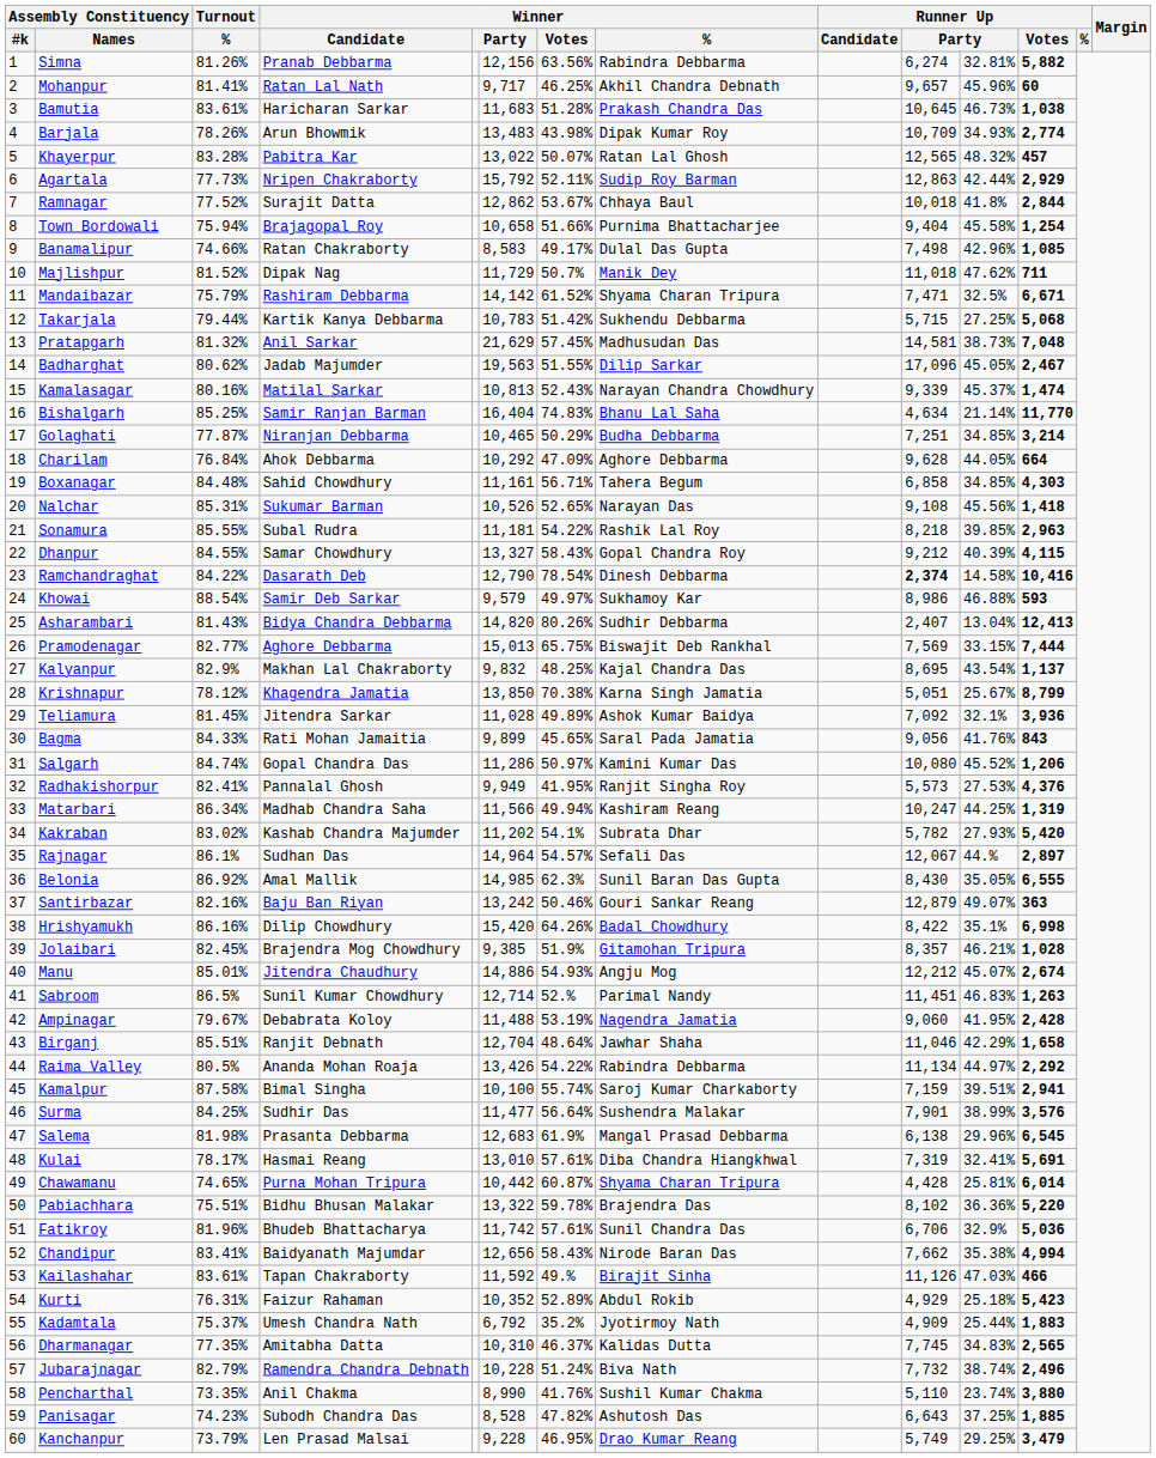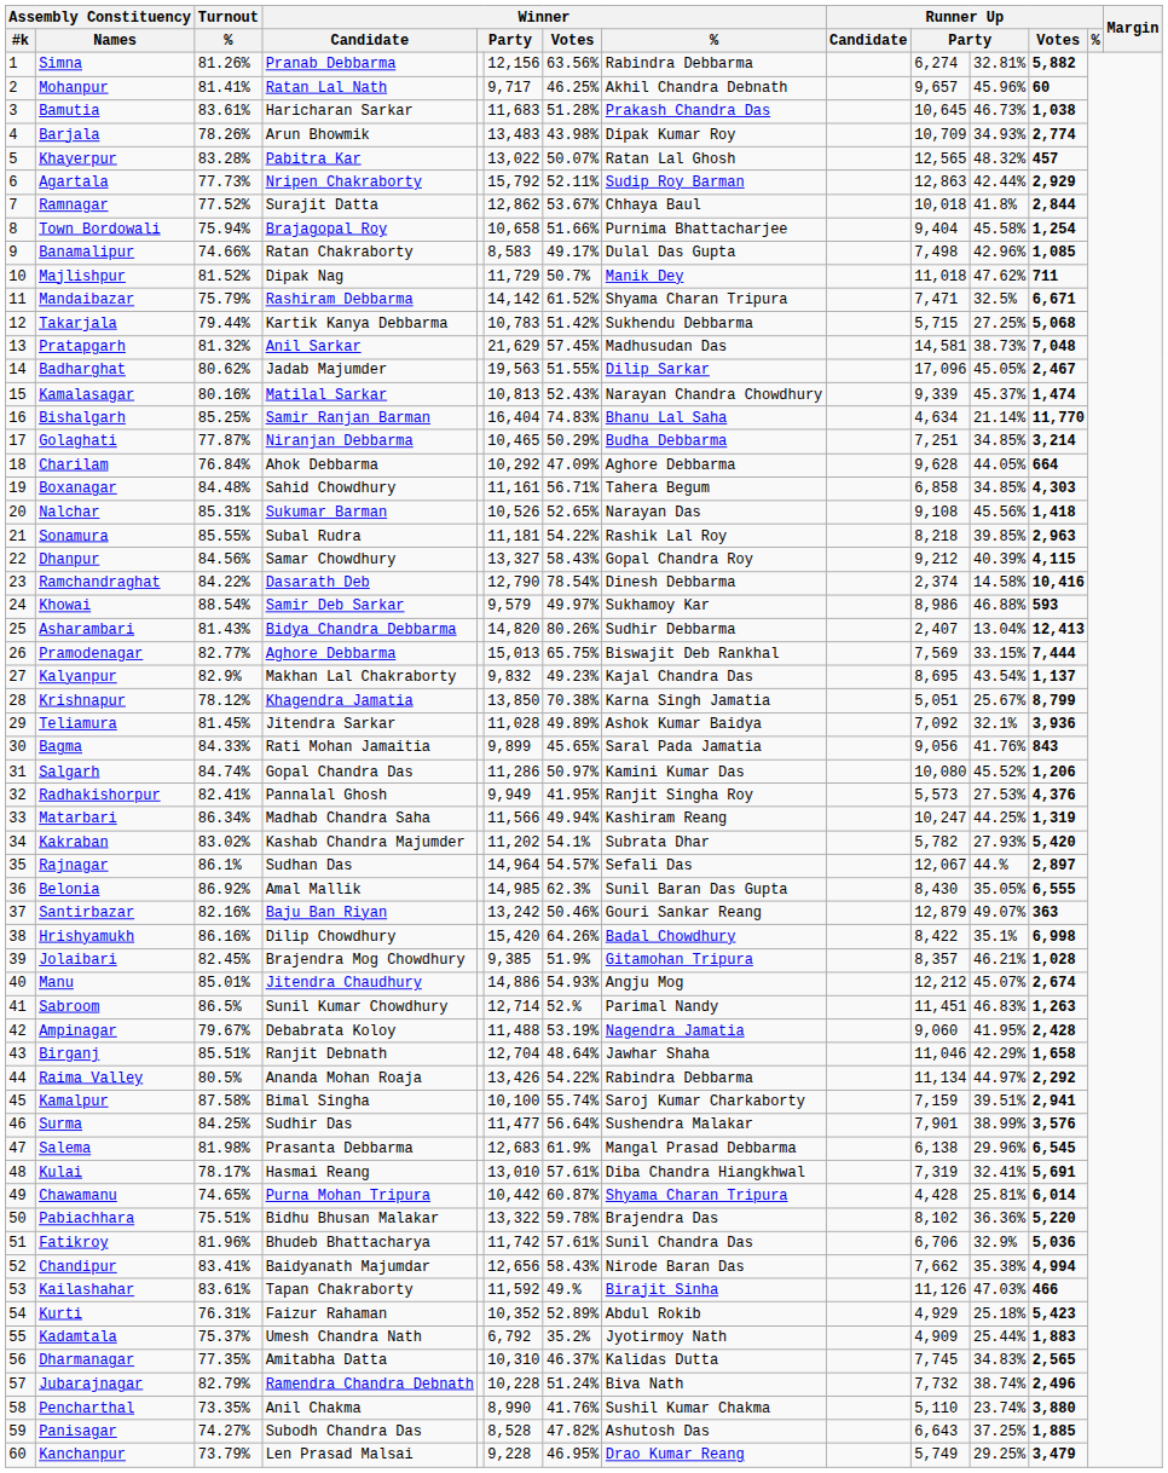 <table class="wikitable sortable">
 <tr>
 <th colspan="2">Assembly Constituency</th>
 <th>Turnout</th>
 <th colspan="5">Winner</th>
 <th colspan="5">Runner Up</th>
 <th rowspan="2" data-sort-type=number>Margin</th>
 </tr>
 <tr>
 <th>#k</th>
 <th>Names</th>
 <th>%</th>
 <th>Candidate</th>
 <th colspan="2">Party</th>
 <th data-sort-type=number>Votes</th>
 <th>%</th>
 <th>Candidate</th>
 <th colspan="2">Party</th>
 <th data-sort-type=number>Votes</th>
 <th>%</th>
 </tr>
 <tr>
 <td>1</td>
 <td><a href='#'>Simna</a></td>
 <td>81.26%</td>
 <td><a href='#'>Pranab Debbarma</a></td>
 <td></td>
 <td>12,156</td>
 <td>63.56%</td>
 <td>Rabindra Debbarma</td>
 <td></td>
 <td>6,274</td>
 <td>32.81%</td>
 <td style="background:"><span><strong>5,882</strong></span></td>
 </tr>
 <tr>
 <td>2</td>
 <td><a href='#'>Mohanpur</a></td>
 <td>81.41%</td>
 <td><a href='#'>Ratan Lal Nath</a></td>
 <td></td>
 <td>9,717</td>
 <td>46.25%</td>
 <td>Akhil Chandra Debnath</td>
 <td></td>
 <td>9,657</td>
 <td>45.96%</td>
 <td style="background:"><span><strong>60</strong></span></td>
 </tr>
 <tr>
 <td>3</td>
 <td><a href='#'>Bamutia</a></td>
 <td>83.61%</td>
 <td>Haricharan Sarkar</td>
 <td></td>
 <td>11,683</td>
 <td>51.28%</td>
 <td><a href='#'>Prakash Chandra Das</a></td>
 <td></td>
 <td>10,645</td>
 <td>46.73%</td>
 <td style="background:"><span><strong>1,038</strong></span></td>
 </tr>
 <tr>
 <td>4</td>
 <td><a href='#'>Barjala</a></td>
 <td>78.26%</td>
 <td>Arun Bhowmik</td>
 <td></td>
 <td>13,483</td>
 <td>43.98%</td>
 <td>Dipak Kumar Roy</td>
 <td></td>
 <td>10,709</td>
 <td>34.93%</td>
 <td style="background:"><span><strong>2,774</strong></span></td>
 </tr>
 <tr>
 <td>5</td>
 <td><a href='#'>Khayerpur</a></td>
 <td>83.28%</td>
 <td><a href='#'>Pabitra Kar</a></td>
 <td></td>
 <td>13,022</td>
 <td>50.07%</td>
 <td>Ratan Lal Ghosh</td>
 <td></td>
 <td>12,565</td>
 <td>48.32%</td>
 <td style="background:"><span><strong>457</strong></span></td>
 </tr>
 <tr>
 <td>6</td>
 <td><a href='#'>Agartala</a></td>
 <td>77.73%</td>
 <td><a href='#'>Nripen Chakraborty</a></td>
 <td></td>
 <td>15,792</td>
 <td>52.11%</td>
 <td><a href='#'>Sudip Roy Barman</a></td>
 <td></td>
 <td>12,863</td>
 <td>42.44%</td>
 <td style="background:"><span><strong>2,929</strong></span></td>
 </tr>
 <tr>
 <td>7</td>
 <td><a href='#'>Ramnagar</a></td>
 <td>77.52%</td>
 <td>Surajit Datta</td>
 <td></td>
 <td>12,862</td>
 <td>53.67%</td>
 <td>Chhaya Baul</td>
 <td></td>
 <td>10,018</td>
 <td>41.8%</td>
 <td style="background:"><span><strong>2,844</strong></span></td>
 </tr>
 <tr>
 <td>8</td>
 <td><a href='#'>Town Bordowali</a></td>
 <td>75.94%</td>
 <td><a href='#'>Brajagopal Roy</a></td>
 <td></td>
 <td>10,658</td>
 <td>51.66%</td>
 <td>Purnima Bhattacharjee</td>
 <td></td>
 <td>9,404</td>
 <td>45.58%</td>
 <td style="background:"><span><strong>1,254</strong></span></td>
 </tr>
 <tr>
 <td>9</td>
 <td><a href='#'>Banamalipur</a></td>
 <td>74.66%</td>
 <td>Ratan Chakraborty</td>
 <td></td>
 <td>8,583</td>
 <td>49.17%</td>
 <td>Dulal Das Gupta</td>
 <td></td>
 <td>7,498</td>
 <td>42.96%</td>
 <td style="background:"><span><strong>1,085</strong></span></td>
 </tr>
 <tr>
 <td>10</td>
 <td><a href='#'>Majlishpur</a></td>
 <td>81.52%</td>
 <td>Dipak Nag</td>
 <td></td>
 <td>11,729</td>
 <td>50.7%</td>
 <td><a href='#'>Manik Dey</a></td>
 <td></td>
 <td>11,018</td>
 <td>47.62%</td>
 <td style="background:"><span><strong>711</strong></span></td>
 </tr>
 <tr>
 <td>11</td>
 <td><a href='#'>Mandaibazar</a></td>
 <td>75.79%</td>
 <td><a href='#'>Rashiram Debbarma</a></td>
 <td></td>
 <td>14,142</td>
 <td>61.52%</td>
 <td>Shyama Charan Tripura</td>
 <td></td>
 <td>7,471</td>
 <td>32.5%</td>
 <td style="background:"><span><strong>6,671</strong></span></td>
 </tr>
 <tr>
 <td>12</td>
 <td><a href='#'>Takarjala</a></td>
 <td>79.44%</td>
 <td>Kartik Kanya Debbarma</td>
 <td></td>
 <td>10,783</td>
 <td>51.42%</td>
 <td>Sukhendu Debbarma</td>
 <td></td>
 <td>5,715</td>
 <td>27.25%</td>
 <td style="background:"><span><strong>5,068</strong></span></td>
 </tr>
 <tr>
 <td>13</td>
 <td><a href='#'>Pratapgarh</a></td>
 <td>81.32%</td>
 <td><a href='#'>Anil Sarkar</a></td>
 <td></td>
 <td>21,629</td>
 <td>57.45%</td>
 <td>Madhusudan Das</td>
 <td></td>
 <td>14,581</td>
 <td>38.73%</td>
 <td style="background:"><span><strong>7,048</strong></span></td>
 </tr>
 <tr>
 <td>14</td>
 <td><a href='#'>Badharghat</a></td>
 <td>80.62%</td>
 <td>Jadab Majumder</td>
 <td></td>
 <td>19,563</td>
 <td>51.55%</td>
 <td><a href='#'>Dilip Sarkar</a></td>
 <td></td>
 <td>17,096</td>
 <td>45.05%</td>
 <td style="background:"><span><strong>2,467</strong></span></td>
 </tr>
 <tr>
 <td>15</td>
 <td><a href='#'>Kamalasagar</a></td>
 <td>80.16%</td>
 <td><a href='#'>Matilal Sarkar</a></td>
 <td></td>
 <td>10,813</td>
 <td>52.43%</td>
 <td>Narayan Chandra Chowdhury</td>
 <td></td>
 <td>9,339</td>
 <td>45.37%</td>
 <td style="background:"><span><strong>1,474</strong></span></td>
 </tr>
 <tr>
 <td>16</td>
 <td><a href='#'>Bishalgarh</a></td>
 <td>85.25%</td>
 <td><a href='#'>Samir Ranjan Barman</a></td>
 <td></td>
 <td>16,404</td>
 <td>74.83%</td>
 <td><a href='#'>Bhanu Lal Saha</a></td>
 <td></td>
 <td>4,634</td>
 <td>21.14%</td>
 <td style="background:"><span><strong>11,770</strong></span></td>
 </tr>
 <tr>
 <td>17</td>
 <td><a href='#'>Golaghati</a></td>
 <td>77.87%</td>
 <td><a href='#'>Niranjan Debbarma</a></td>
 <td></td>
 <td>10,465</td>
 <td>50.29%</td>
 <td><a href='#'>Budha Debbarma</a></td>
 <td></td>
 <td>7,251</td>
 <td>34.85%</td>
 <td style="background:"><span><strong>3,214</strong></span></td>
 </tr>
 <tr>
 <td>18</td>
 <td><a href='#'>Charilam</a></td>
 <td>76.84%</td>
 <td>Ahok Debbarma</td>
 <td></td>
 <td>10,292</td>
 <td>47.09%</td>
 <td>Aghore Debbarma</td>
 <td></td>
 <td>9,628</td>
 <td>44.05%</td>
 <td style="background:"><span><strong>664</strong></span></td>
 </tr>
 <tr>
 <td>19</td>
 <td><a href='#'>Boxanagar</a></td>
 <td>84.48%</td>
 <td>Sahid Chowdhury</td>
 <td></td>
 <td>11,161</td>
 <td>56.71%</td>
 <td>Tahera Begum</td>
 <td></td>
 <td>6,858</td>
 <td>34.85%</td>
 <td style="background:"><span><strong>4,303</strong></span></td>
 </tr>
 <tr>
 <td>20</td>
 <td><a href='#'>Nalchar</a></td>
 <td>85.31%</td>
 <td><a href='#'>Sukumar Barman</a></td>
 <td></td>
 <td>10,526</td>
 <td>52.65%</td>
 <td>Narayan Das</td>
 <td></td>
 <td>9,108</td>
 <td>45.56%</td>
 <td style="background:"><span><strong>1,418</strong></span></td>
 </tr>
 <tr>
 <td>21</td>
 <td><a href='#'>Sonamura</a></td>
 <td>85.55%</td>
 <td>Subal Rudra</td>
 <td></td>
 <td>11,181</td>
 <td>54.22%</td>
 <td>Rashik Lal Roy</td>
 <td></td>
 <td>8,218</td>
 <td>39.85%</td>
 <td style="background:"><span><strong>2,963</strong></span></td>
 </tr>
 <tr>
 <td>22</td>
 <td><a href='#'>Dhanpur</a></td>
-<td>84.55%</td>
+<td>84.56%</td>
 <td>Samar Chowdhury</td>
 <td></td>
 <td>13,327</td>
 <td>58.43%</td>
 <td>Gopal Chandra Roy</td>
 <td></td>
 <td>9,212</td>
 <td>40.39%</td>
 <td style="background:"><span><strong>4,115</strong></span></td>
 </tr>
 <tr>
 <td>23</td>
 <td><a href='#'>Ramchandraghat</a></td>
 <td>84.22%</td>
 <td><a href='#'>Dasarath Deb</a></td>
 <td></td>
 <td>12,790</td>
 <td>78.54%</td>
 <td>Dinesh Debbarma</td>
 <td></td>
-<td><strong>2,374</strong></td>
+<td>2,374</td>
 <td>14.58%</td>
 <td style="background:"><span><strong>10,416</strong></span></td>
 </tr>
 <tr>
 <td>24</td>
 <td><a href='#'>Khowai</a></td>
 <td>88.54%</td>
 <td><a href='#'>Samir Deb Sarkar</a></td>
 <td></td>
 <td>9,579</td>
 <td>49.97%</td>
 <td>Sukhamoy Kar</td>
 <td></td>
 <td>8,986</td>
 <td>46.88%</td>
 <td style="background:"><span><strong>593</strong></span></td>
 </tr>
 <tr>
 <td>25</td>
 <td><a href='#'>Asharambari</a></td>
 <td>81.43%</td>
 <td><a href='#'>Bidya Chandra Debbarma</a></td>
 <td></td>
 <td>14,820</td>
 <td>80.26%</td>
 <td>Sudhir Debbarma</td>
 <td></td>
 <td>2,407</td>
 <td>13.04%</td>
 <td style="background:"><span><strong>12,413</strong></span></td>
 </tr>
 <tr>
 <td>26</td>
 <td><a href='#'>Pramodenagar</a></td>
 <td>82.77%</td>
 <td><a href='#'>Aghore Debbarma</a></td>
 <td></td>
 <td>15,013</td>
 <td>65.75%</td>
 <td>Biswajit Deb Rankhal</td>
 <td></td>
 <td>7,569</td>
 <td>33.15%</td>
 <td style="background:"><span><strong>7,444</strong></span></td>
 </tr>
 <tr>
 <td>27</td>
 <td><a href='#'>Kalyanpur</a></td>
 <td>82.9%</td>
 <td>Makhan Lal Chakraborty</td>
 <td></td>
 <td>9,832</td>
-<td>48.25%</td>
+<td>49.23%</td>
 <td>Kajal Chandra Das</td>
 <td></td>
 <td>8,695</td>
 <td>43.54%</td>
 <td style="background:"><span><strong>1,137</strong></span></td>
 </tr>
 <tr>
 <td>28</td>
 <td><a href='#'>Krishnapur</a></td>
 <td>78.12%</td>
 <td><a href='#'>Khagendra Jamatia</a></td>
 <td></td>
 <td>13,850</td>
 <td>70.38%</td>
 <td>Karna Singh Jamatia</td>
 <td></td>
 <td>5,051</td>
 <td>25.67%</td>
 <td style="background:"><span><strong>8,799</strong></span></td>
 </tr>
 <tr>
 <td>29</td>
 <td><a href='#'>Teliamura</a></td>
 <td>81.45%</td>
 <td>Jitendra Sarkar</td>
 <td></td>
 <td>11,028</td>
 <td>49.89%</td>
 <td>Ashok Kumar Baidya</td>
 <td></td>
 <td>7,092</td>
 <td>32.1%</td>
 <td style="background:"><span><strong>3,936</strong></span></td>
 </tr>
 <tr>
 <td>30</td>
 <td><a href='#'>Bagma</a></td>
 <td>84.33%</td>
 <td>Rati Mohan Jamaitia</td>
 <td></td>
 <td>9,899</td>
 <td>45.65%</td>
 <td>Saral Pada Jamatia</td>
 <td></td>
 <td>9,056</td>
 <td>41.76%</td>
 <td style="background:"><span><strong>843</strong></span></td>
 </tr>
 <tr>
 <td>31</td>
 <td><a href='#'>Salgarh</a></td>
 <td>84.74%</td>
 <td>Gopal Chandra Das</td>
 <td></td>
 <td>11,286</td>
 <td>50.97%</td>
 <td>Kamini Kumar Das</td>
 <td></td>
 <td>10,080</td>
 <td>45.52%</td>
 <td style="background:"><span><strong>1,206</strong></span></td>
 </tr>
 <tr>
 <td>32</td>
 <td><a href='#'>Radhakishorpur</a></td>
 <td>82.41%</td>
 <td>Pannalal Ghosh</td>
 <td></td>
 <td>9,949</td>
 <td>41.95%</td>
 <td>Ranjit Singha Roy</td>
 <td></td>
 <td>5,573</td>
 <td>27.53%</td>
 <td style="background:"><span><strong>4,376</strong></span></td>
 </tr>
 <tr>
 <td>33</td>
 <td><a href='#'>Matarbari</a></td>
 <td>86.34%</td>
 <td>Madhab Chandra Saha</td>
 <td></td>
 <td>11,566</td>
 <td>49.94%</td>
 <td>Kashiram Reang</td>
 <td></td>
 <td>10,247</td>
 <td>44.25%</td>
 <td style="background:"><span><strong>1,319</strong></span></td>
 </tr>
 <tr>
 <td>34</td>
 <td><a href='#'>Kakraban</a></td>
 <td>83.02%</td>
 <td>Kashab Chandra Majumder</td>
 <td></td>
 <td>11,202</td>
 <td>54.1%</td>
 <td>Subrata Dhar</td>
 <td></td>
 <td>5,782</td>
 <td>27.93%</td>
 <td style="background:"><span><strong>5,420</strong></span></td>
 </tr>
 <tr>
 <td>35</td>
 <td><a href='#'>Rajnagar</a></td>
 <td>86.1%</td>
 <td>Sudhan Das</td>
 <td></td>
 <td>14,964</td>
 <td>54.57%</td>
 <td>Sefali Das</td>
 <td></td>
 <td>12,067</td>
 <td>44.%</td>
 <td style="background:"><span><strong>2,897</strong></span></td>
 </tr>
 <tr>
 <td>36</td>
 <td><a href='#'>Belonia</a></td>
 <td>86.92%</td>
 <td>Amal Mallik</td>
 <td></td>
 <td>14,985</td>
 <td>62.3%</td>
 <td>Sunil Baran Das Gupta</td>
 <td></td>
 <td>8,430</td>
 <td>35.05%</td>
 <td style="background:"><span><strong>6,555</strong></span></td>
 </tr>
 <tr>
 <td>37</td>
 <td><a href='#'>Santirbazar</a></td>
 <td>82.16%</td>
 <td><a href='#'>Baju Ban Riyan</a></td>
 <td></td>
 <td>13,242</td>
 <td>50.46%</td>
 <td>Gouri Sankar Reang</td>
 <td></td>
 <td>12,879</td>
 <td>49.07%</td>
 <td style="background:"><span><strong>363</strong></span></td>
 </tr>
 <tr>
 <td>38</td>
 <td><a href='#'>Hrishyamukh</a></td>
 <td>86.16%</td>
 <td>Dilip Chowdhury</td>
 <td></td>
 <td>15,420</td>
 <td>64.26%</td>
 <td><a href='#'>Badal Chowdhury</a></td>
 <td></td>
 <td>8,422</td>
 <td>35.1%</td>
 <td style="background:"><span><strong>6,998</strong></span></td>
 </tr>
 <tr>
 <td>39</td>
 <td><a href='#'>Jolaibari</a></td>
 <td>82.45%</td>
 <td>Brajendra Mog Chowdhury</td>
 <td></td>
 <td>9,385</td>
 <td>51.9%</td>
 <td><a href='#'>Gitamohan Tripura</a></td>
 <td></td>
 <td>8,357</td>
 <td>46.21%</td>
 <td style="background:"><span><strong>1,028</strong></span></td>
 </tr>
 <tr>
 <td>40</td>
 <td><a href='#'>Manu</a></td>
 <td>85.01%</td>
 <td><a href='#'>Jitendra Chaudhury</a></td>
 <td></td>
 <td>14,886</td>
 <td>54.93%</td>
 <td>Angju Mog</td>
 <td></td>
 <td>12,212</td>
 <td>45.07%</td>
 <td style="background:"><span><strong>2,674</strong></span></td>
 </tr>
 <tr>
 <td>41</td>
 <td><a href='#'>Sabroom</a></td>
 <td>86.5%</td>
 <td>Sunil Kumar Chowdhury</td>
 <td></td>
 <td>12,714</td>
 <td>52.%</td>
 <td>Parimal Nandy</td>
 <td></td>
 <td>11,451</td>
 <td>46.83%</td>
 <td style="background:"><span><strong>1,263</strong></span></td>
 </tr>
 <tr>
 <td>42</td>
 <td><a href='#'>Ampinagar</a></td>
 <td>79.67%</td>
 <td>Debabrata Koloy</td>
 <td></td>
 <td>11,488</td>
 <td>53.19%</td>
 <td><a href='#'>Nagendra Jamatia</a></td>
 <td></td>
 <td>9,060</td>
 <td>41.95%</td>
 <td style="background:"><span><strong>2,428</strong></span></td>
 </tr>
 <tr>
 <td>43</td>
 <td><a href='#'>Birganj</a></td>
 <td>85.51%</td>
 <td>Ranjit Debnath</td>
 <td></td>
 <td>12,704</td>
 <td>48.64%</td>
 <td>Jawhar Shaha</td>
 <td></td>
 <td>11,046</td>
 <td>42.29%</td>
 <td style="background:"><span><strong>1,658</strong></span></td>
 </tr>
 <tr>
 <td>44</td>
 <td><a href='#'>Raima Valley</a></td>
 <td>80.5%</td>
 <td>Ananda Mohan Roaja</td>
 <td></td>
 <td>13,426</td>
 <td>54.22%</td>
 <td>Rabindra Debbarma</td>
 <td></td>
 <td>11,134</td>
 <td>44.97%</td>
 <td style="background:"><span><strong>2,292</strong></span></td>
 </tr>
 <tr>
 <td>45</td>
 <td><a href='#'>Kamalpur</a></td>
 <td>87.58%</td>
 <td>Bimal Singha</td>
 <td></td>
 <td>10,100</td>
 <td>55.74%</td>
 <td>Saroj Kumar Charkaborty</td>
 <td></td>
 <td>7,159</td>
 <td>39.51%</td>
 <td style="background:"><span><strong>2,941</strong></span></td>
 </tr>
 <tr>
 <td>46</td>
 <td><a href='#'>Surma</a></td>
 <td>84.25%</td>
 <td>Sudhir Das</td>
 <td></td>
 <td>11,477</td>
 <td>56.64%</td>
 <td>Sushendra Malakar</td>
 <td></td>
 <td>7,901</td>
 <td>38.99%</td>
 <td style="background:"><span><strong>3,576</strong></span></td>
 </tr>
 <tr>
 <td>47</td>
 <td><a href='#'>Salema</a></td>
 <td>81.98%</td>
 <td>Prasanta Debbarma</td>
 <td></td>
 <td>12,683</td>
 <td>61.9%</td>
 <td>Mangal Prasad Debbarma</td>
 <td></td>
 <td>6,138</td>
 <td>29.96%</td>
 <td style="background:"><span><strong>6,545</strong></span></td>
 </tr>
 <tr>
 <td>48</td>
 <td><a href='#'>Kulai</a></td>
 <td>78.17%</td>
 <td>Hasmai Reang</td>
 <td></td>
 <td>13,010</td>
 <td>57.61%</td>
 <td>Diba Chandra Hiangkhwal</td>
 <td></td>
 <td>7,319</td>
 <td>32.41%</td>
 <td style="background:"><span><strong>5,691</strong></span></td>
 </tr>
 <tr>
 <td>49</td>
 <td><a href='#'>Chawamanu</a></td>
 <td>74.65%</td>
 <td><a href='#'>Purna Mohan Tripura</a></td>
 <td></td>
 <td>10,442</td>
 <td>60.87%</td>
 <td><a href='#'>Shyama Charan Tripura</a></td>
 <td></td>
 <td>4,428</td>
 <td>25.81%</td>
 <td style="background:"><span><strong>6,014</strong></span></td>
 </tr>
 <tr>
 <td>50</td>
 <td><a href='#'>Pabiachhara</a></td>
 <td>75.51%</td>
 <td>Bidhu Bhusan Malakar</td>
 <td></td>
 <td>13,322</td>
 <td>59.78%</td>
 <td>Brajendra Das</td>
 <td></td>
 <td>8,102</td>
 <td>36.36%</td>
 <td style="background:"><span><strong>5,220</strong></span></td>
 </tr>
 <tr>
 <td>51</td>
 <td><a href='#'>Fatikroy</a></td>
 <td>81.96%</td>
 <td>Bhudeb Bhattacharya</td>
 <td></td>
 <td>11,742</td>
 <td>57.61%</td>
 <td>Sunil Chandra Das</td>
 <td></td>
 <td>6,706</td>
 <td>32.9%</td>
 <td style="background:"><span><strong>5,036</strong></span></td>
 </tr>
 <tr>
 <td>52</td>
 <td><a href='#'>Chandipur</a></td>
 <td>83.41%</td>
 <td>Baidyanath Majumdar</td>
 <td></td>
 <td>12,656</td>
 <td>58.43%</td>
 <td>Nirode Baran Das</td>
 <td></td>
 <td>7,662</td>
 <td>35.38%</td>
 <td style="background:"><span><strong>4,994</strong></span></td>
 </tr>
 <tr>
 <td>53</td>
 <td><a href='#'>Kailashahar</a></td>
 <td>83.61%</td>
 <td>Tapan Chakraborty</td>
 <td></td>
 <td>11,592</td>
 <td>49.%</td>
 <td><a href='#'>Birajit Sinha</a></td>
 <td></td>
 <td>11,126</td>
 <td>47.03%</td>
 <td style="background:"><span><strong>466</strong></span></td>
 </tr>
 <tr>
 <td>54</td>
 <td><a href='#'>Kurti</a></td>
 <td>76.31%</td>
 <td>Faizur Rahaman</td>
 <td></td>
 <td>10,352</td>
 <td>52.89%</td>
 <td>Abdul Rokib</td>
 <td></td>
 <td>4,929</td>
 <td>25.18%</td>
 <td style="background:"><span><strong>5,423</strong></span></td>
 </tr>
 <tr>
 <td>55</td>
 <td><a href='#'>Kadamtala</a></td>
 <td>75.37%</td>
 <td>Umesh Chandra Nath</td>
 <td></td>
 <td>6,792</td>
 <td>35.2%</td>
 <td>Jyotirmoy Nath</td>
 <td></td>
 <td>4,909</td>
 <td>25.44%</td>
 <td style="background:"><span><strong>1,883</strong></span></td>
 </tr>
 <tr>
 <td>56</td>
 <td><a href='#'>Dharmanagar</a></td>
 <td>77.35%</td>
 <td>Amitabha Datta</td>
 <td></td>
 <td>10,310</td>
 <td>46.37%</td>
 <td>Kalidas Dutta</td>
 <td></td>
 <td>7,745</td>
 <td>34.83%</td>
 <td style="background:"><span><strong>2,565</strong></span></td>
 </tr>
 <tr>
 <td>57</td>
 <td><a href='#'>Jubarajnagar</a></td>
 <td>82.79%</td>
 <td><a href='#'>Ramendra Chandra Debnath</a></td>
 <td></td>
 <td>10,228</td>
 <td>51.24%</td>
 <td>Biva Nath</td>
 <td></td>
 <td>7,732</td>
 <td>38.74%</td>
 <td style="background:"><span><strong>2,496</strong></span></td>
 </tr>
 <tr>
 <td>58</td>
 <td><a href='#'>Pencharthal</a></td>
 <td>73.35%</td>
 <td>Anil Chakma</td>
 <td></td>
 <td>8,990</td>
 <td>41.76%</td>
 <td>Sushil Kumar Chakma</td>
 <td></td>
 <td>5,110</td>
 <td>23.74%</td>
 <td style="background:"><span><strong>3,880</strong></span></td>
 </tr>
 <tr>
 <td>59</td>
 <td><a href='#'>Panisagar</a></td>
-<td>74.23%</td>
+<td>74.27%</td>
 <td>Subodh Chandra Das</td>
 <td></td>
 <td>8,528</td>
 <td>47.82%</td>
 <td>Ashutosh Das</td>
 <td></td>
 <td>6,643</td>
 <td>37.25%</td>
 <td style="background:"><span><strong>1,885</strong></span></td>
 </tr>
 <tr>
 <td>60</td>
 <td><a href='#'>Kanchanpur</a></td>
 <td>73.79%</td>
 <td>Len Prasad Malsai</td>
 <td></td>
 <td>9,228</td>
 <td>46.95%</td>
 <td><a href='#'>Drao Kumar Reang</a></td>
 <td></td>
 <td>5,749</td>
 <td>29.25%</td>
 <td style="background:"><span><strong>3,479</strong></span></td>
 </tr>
 </table>
